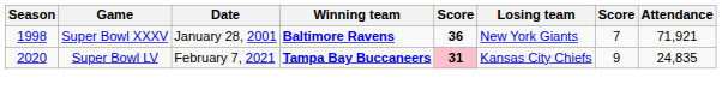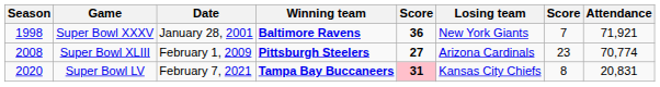 <table class="wikitable">
 <tr style="background:#efefef;">
 <th style="text-align:center;">Season</th>
 <th style="text-align:center;">Game</th>
 <th style="text-align:center;">Date</th>
 <th style="text-align:center;">Winning team</th>
 <th style="text-align:center;">Score</th>
 <th style="text-align:center;">Losing team</th>
 <th style="text-align:center;">Score</th>
 <th style="text-align:center;">Attendance</th>
 </tr>
 <tr>
 <td align=center><a href='#'>1998</a></td>
 <td align=center><a href='#'>Super Bowl XXXV</a></td>
 <td>January 28, <a href='#'>2001</a></td>
 <td><strong><a href='#'>Baltimore Ravens</a></strong></td>
 <td align=center><strong>36</strong></td>
 <td><a href='#'>New York Giants</a></td>
 <td align=center>7</td>
 <td align=center>71,921</td>
 </tr>
 <tr>
+<td align=center><a href='#'>2008</a></td>
+<td align=center><a href='#'>Super Bowl XLIII</a></td>
+<td>February 1, <a href='#'>2009</a></td>
+<td><strong><a href='#'>Pittsburgh Steelers</a></strong></td>
+<td align=center><strong>27</strong></td>
+<td><a href='#'>Arizona Cardinals</a></td>
+<td align=center>23</td>
+<td align=center>70,774</td>
+</tr>
+<tr>
 <td align=center><a href='#'>2020</a></td>
 <td align=center><a href='#'>Super Bowl LV</a></td>
 <td>February 7, <a href='#'>2021</a></td>
 <td><strong><a href='#'>Tampa Bay Buccaneers</a></strong></td>
 <td align=center style="background: pink;"><strong>31</strong></td>
 <td><a href='#'>Kansas City Chiefs</a></td>
-<td align=center>9</td>
-<td align=center>24,835</td>
+<td align=center>8</td>
+<td align=center>20,831</td>
 </tr>
 </table>
